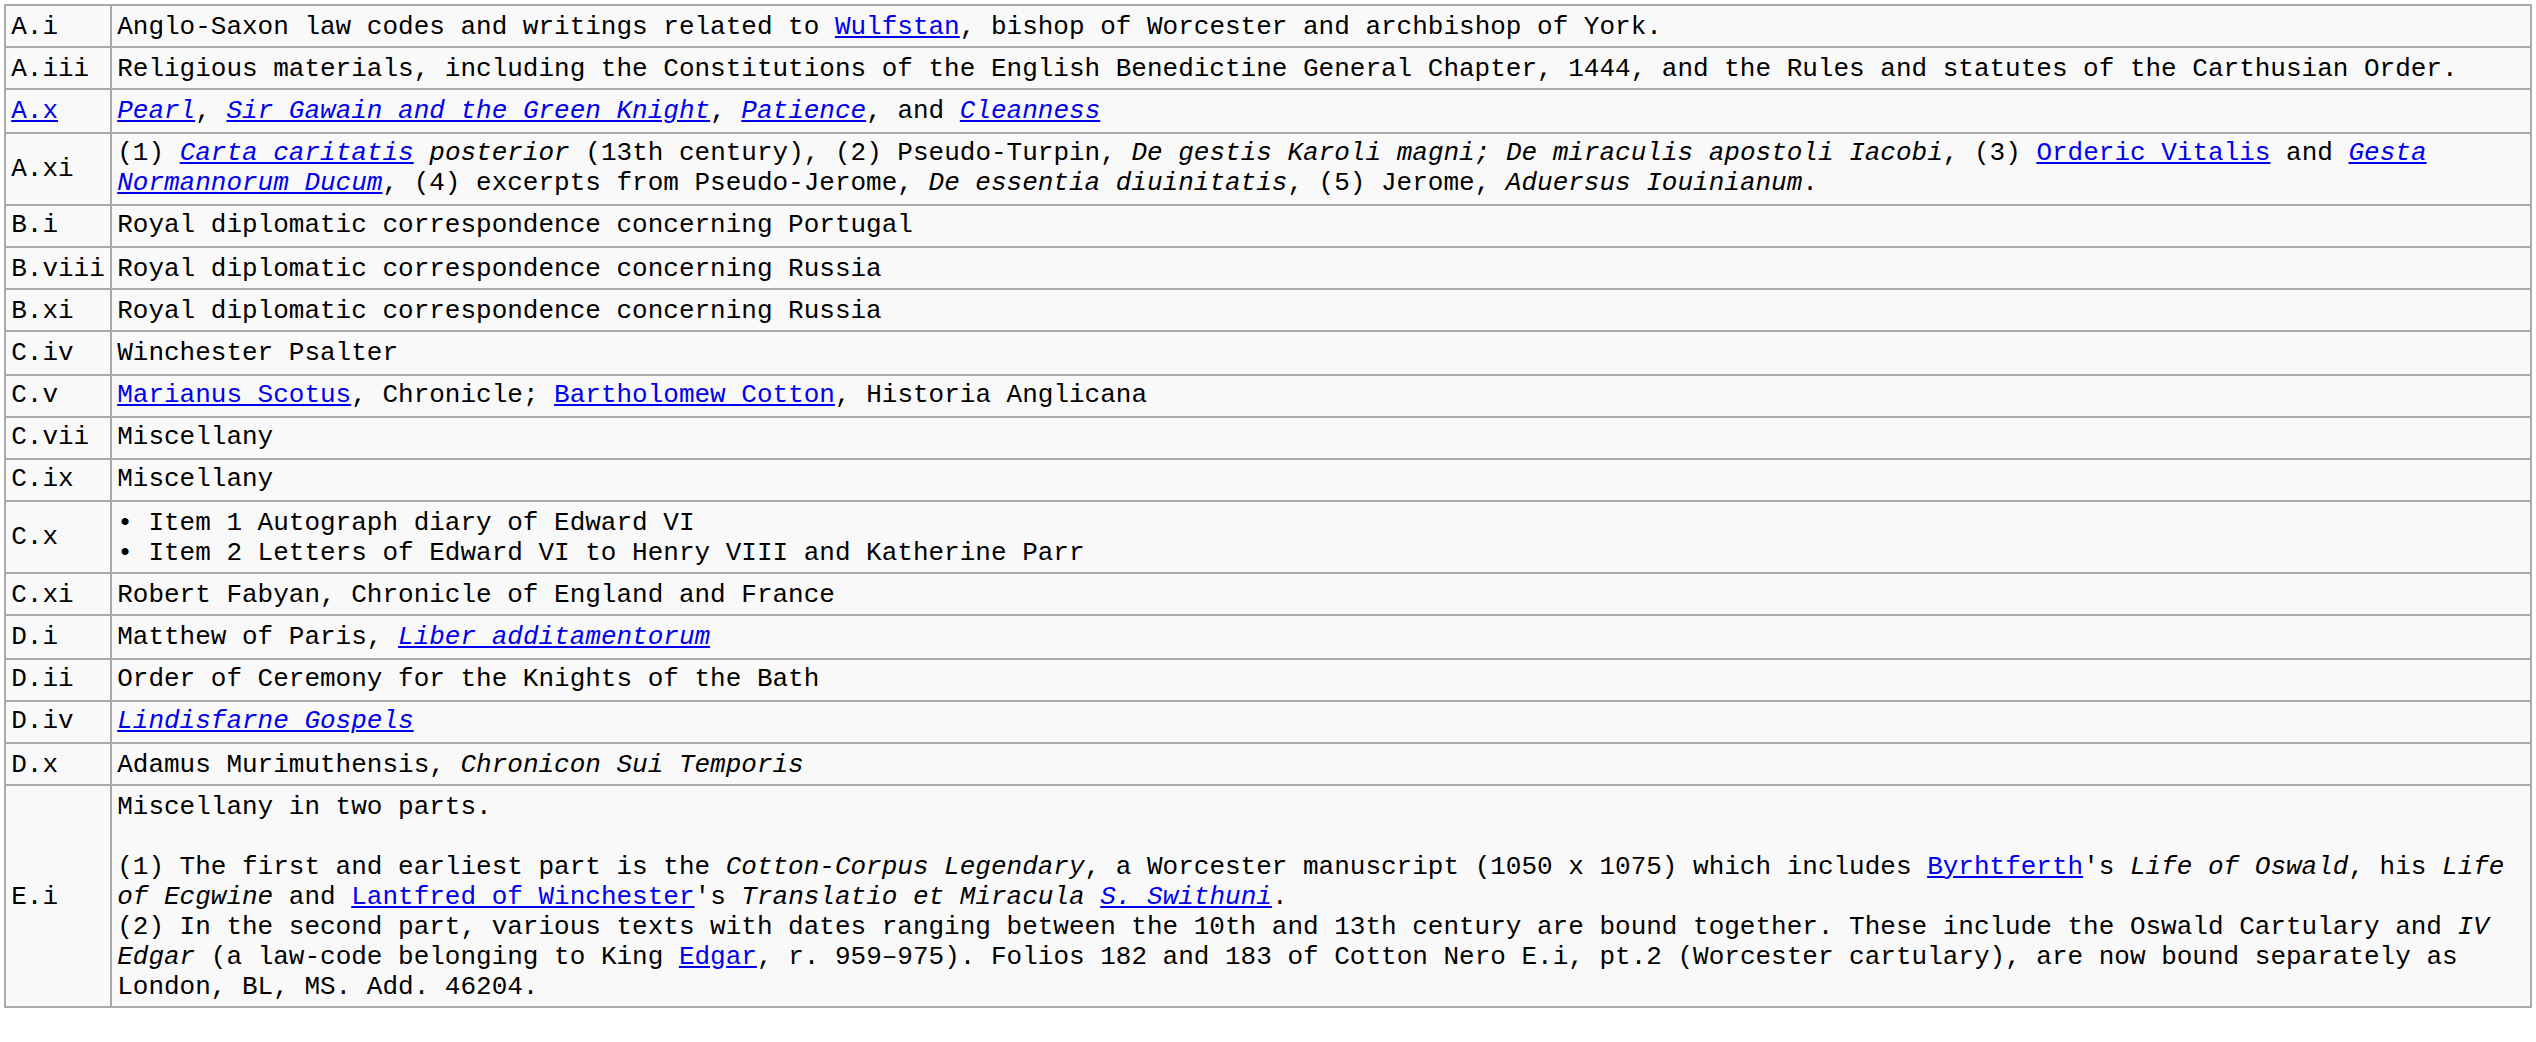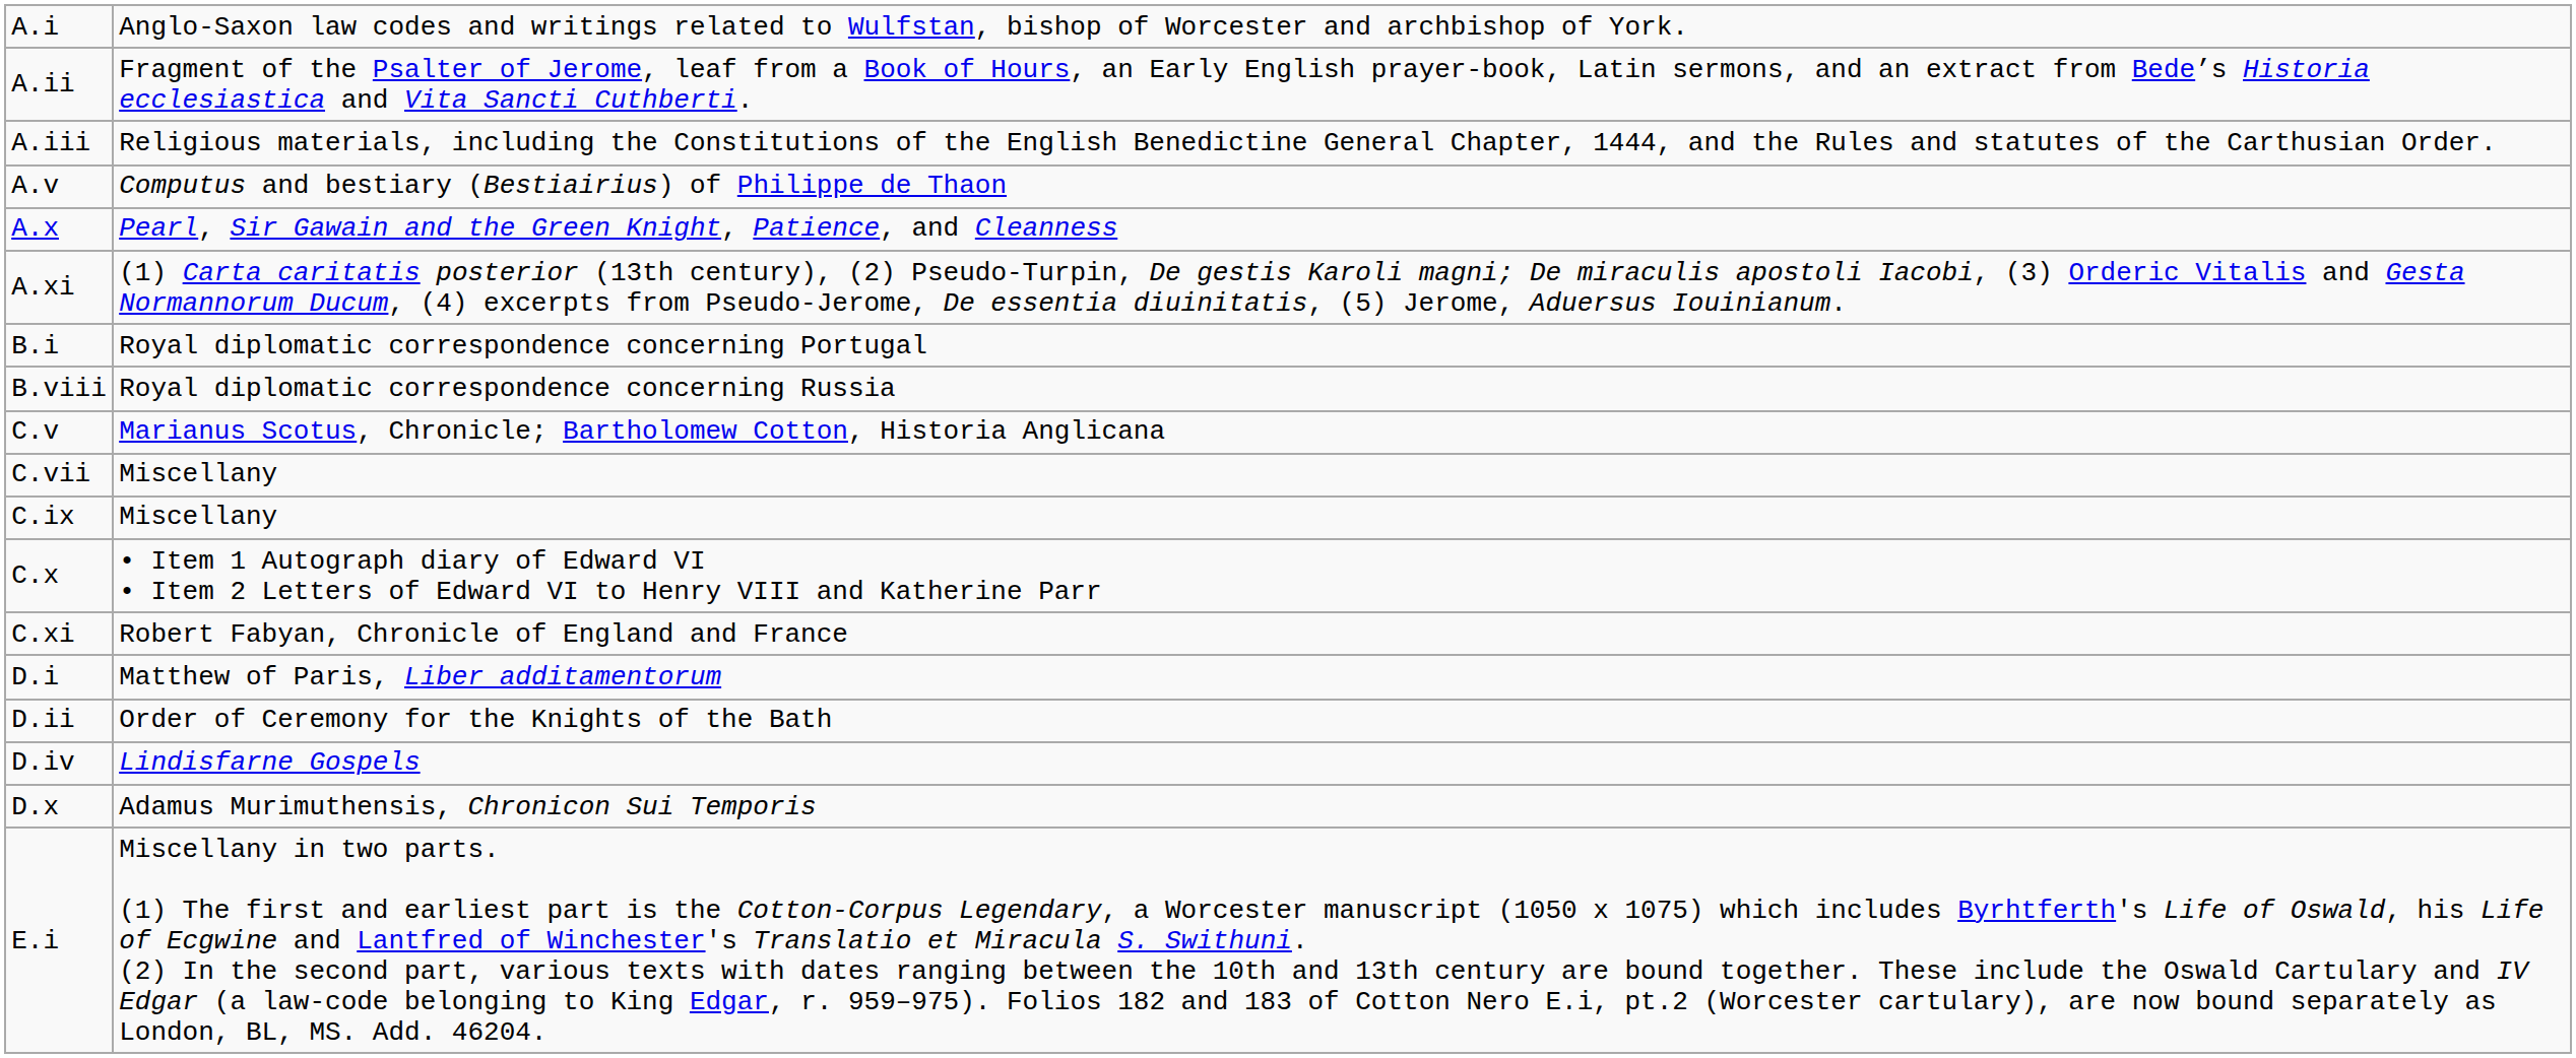 <table class="wikitable" style="width:100%">
 <tr>
 <td>A.i</td>
 <td>Anglo-Saxon law codes and writings related to <a href='#'>Wulfstan</a>, bishop of Worcester and archbishop of York.</td>
 </tr>
 <tr>
+<td width="4%">A.ii</td>
+<td width="96%">Fragment of the <a href='#'>Psalter of Jerome</a>, leaf from a <a href='#'>Book of Hours</a>, an Early English prayer-book, Latin sermons, and an extract from <a href='#'>Bede</a>’s <em><a href='#'>Historia ecclesiastica</a></em> and <em><a href='#'>Vita Sancti Cuthberti</a></em>.</td>
+</tr>
+<tr>
 <td>A.iii</td>
 <td>Religious materials, including the Constitutions of the English Benedictine General Chapter, 1444, and the Rules and statutes of the Carthusian Order.</td>
+</tr>
+<tr>
+<td>A.v</td>
+<td><em>Computus</em> and bestiary (<em>Bestiairius</em>) of <a href='#'>Philippe de Thaon</a></td>
 </tr>
 <tr>
 <td><a href='#'>A.x</a></td>
 <td><em><a href='#'>Pearl</a></em>, <em><a href='#'>Sir Gawain and the Green Knight</a></em>, <em><a href='#'>Patience</a></em>, and <em><a href='#'>Cleanness</a></em></td>
 </tr>
 <tr>
 <td>A.xi</td>
 <td>(1) <em><a href='#'>Carta caritatis</a> posterior</em> (13th century), (2) Pseudo-Turpin, <em>De gestis Karoli magni; De miraculis apostoli Iacobi</em>, (3) <a href='#'>Orderic Vitalis</a> and <em><a href='#'>Gesta Normannorum Ducum</a></em>, (4) excerpts from Pseudo-Jerome, <em>De essentia diuinitatis</em>, (5) Jerome, <em>Aduersus Iouinianum</em>.</td>
 </tr>
 <tr>
 <td>B.i</td>
 <td>Royal diplomatic correspondence concerning Portugal</td>
 </tr>
 <tr>
 <td>B.viii</td>
 <td>Royal diplomatic correspondence concerning Russia</td>
-</tr>
-<tr>
-<td>B.xi</td>
-<td>Royal diplomatic correspondence concerning Russia</td>
-</tr>
-<tr>
-<td>C.iv</td>
-<td>Winchester Psalter</td>
 </tr>
 <tr>
 <td>C.v</td>
 <td><a href='#'>Marianus Scotus</a>, Chronicle; <a href='#'>Bartholomew Cotton</a>, Historia Anglicana</td>
 </tr>
 <tr>
 <td>C.vii</td>
 <td>Miscellany</td>
 </tr>
 <tr>
 <td>C.ix</td>
 <td>Miscellany</td>
 </tr>
 <tr>
 <td>C.x</td>
 <td>• Item 1 Autograph diary of Edward VI <br>• Item 2 Letters of Edward VI to Henry VIII and Katherine Parr</td>
 </tr>
 <tr>
 <td>C.xi</td>
 <td>Robert Fabyan, Chronicle of England and France</td>
 </tr>
 <tr>
 <td>D.i</td>
 <td>Matthew of Paris, <em><a href='#'>Liber additamentorum</a></em></td>
 </tr>
 <tr>
 <td>D.ii</td>
 <td>Order of Ceremony for the Knights of the Bath</td>
 </tr>
 <tr>
 <td>D.iv</td>
 <td><em><a href='#'>Lindisfarne Gospels</a></em></td>
 </tr>
 <tr>
 <td>D.x</td>
 <td>Adamus Murimuthensis, <em>Chronicon Sui Temporis</em></td>
 </tr>
 <tr>
 <td>E.i</td>
 <td>Miscellany in two parts.<br><br>(1) The first and earliest part is the <em>Cotton-Corpus Legendary</em>, a Worcester manuscript (1050 x 1075) which includes <a href='#'>Byrhtferth</a>'s <em>Life of Oswald</em>, his <em>Life of Ecgwine</em> and <a href='#'>Lantfred of Winchester</a>'s <em>Translatio et Miracula <a href='#'>S. Swithuni</a></em>.<br> (2) In the second part, various texts with dates ranging between the 10th and 13th century are bound together. These include the Oswald Cartulary and <em>IV Edgar</em> (a law-code belonging to King <a href='#'>Edgar</a>, r. 959–975). Folios 182 and 183 of Cotton Nero E.i, pt.2 (Worcester cartulary), are now bound separately as London, BL, MS. Add. 46204.</td>
 </tr>
 </table>
